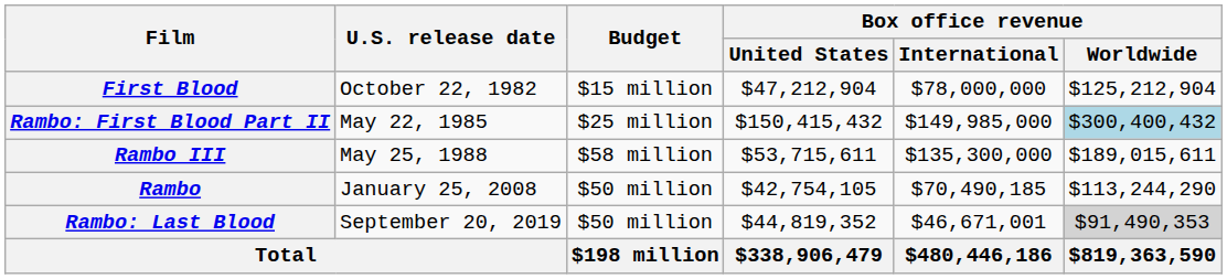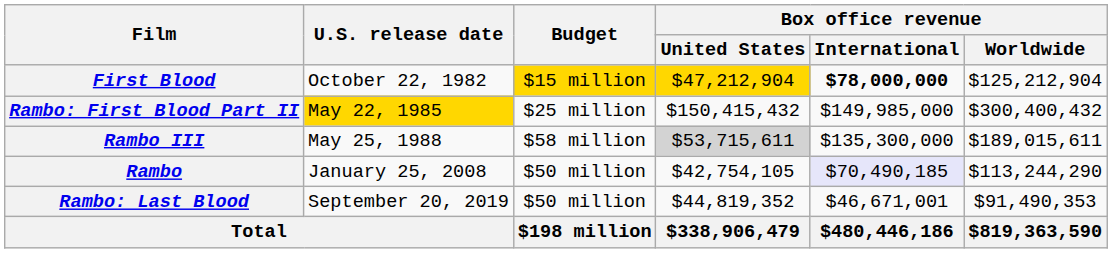 <table class="wikitable plainrowheaders" style="text-align:center;">
 <tr>
 <th rowspan="2">Film</th>
 <th rowspan="2">U.S. release date</th>
 <th rowspan="2">Budget</th>
 <th colspan="3">Box office revenue</th>
 </tr>
 <tr>
 <th style="text-align:center;">United States</th>
 <th style="text-align:center;">International</th>
 <th style="text-align:center;">Worldwide</th>
 </tr>
 <tr>
 <th scope="row"><em><a href='#'>First Blood</a></em></th>
 <td style="text-align:left">October 22, 1982</td>
-<td style="text-align:center;">$15 million</td>
-<td style="text-align:center;">$47,212,904</td>
-<td style="text-align:center;">$78,000,000</td>
+<td style="background: gold; text-align:center;">$15 million</td>
+<td style="background: gold; text-align:center;">$47,212,904</td>
+<td style="text-align:center;"><strong>$78,000,000</strong></td>
 <td style="text-align:center;">$125,212,904</td>
 </tr>
 <tr>
 <th scope="row"><em><a href='#'>Rambo: First Blood Part II</a></em></th>
-<td style="text-align:left">May 22, 1985</td>
+<td style="background: gold; text-align:left">May 22, 1985</td>
 <td style="text-align:center;">$25 million</td>
 <td style="text-align:center;">$150,415,432</td>
 <td style="text-align:center;">$149,985,000</td>
-<td style="background: lightblue; text-align:center;">$300,400,432</td>
+<td style="text-align:center;">$300,400,432</td>
 </tr>
 <tr>
 <th scope="row"><em><a href='#'>Rambo III</a></em></th>
 <td style="text-align:left">May 25, 1988</td>
 <td style="text-align:center;">$58 million</td>
-<td style="text-align:center;">$53,715,611</td>
+<td style="background: lightgrey; text-align:center;">$53,715,611</td>
 <td style="text-align:center;">$135,300,000</td>
 <td style="text-align:center;">$189,015,611</td>
 </tr>
 <tr>
 <th scope="row"><em><a href='#'>Rambo</a></em></th>
 <td style="text-align:left">January 25, 2008</td>
 <td style="text-align:center;">$50 million</td>
 <td style="text-align:center;">$42,754,105</td>
-<td style="text-align:center;">$70,490,185</td>
+<td style="background: lavender; text-align:center;">$70,490,185</td>
 <td style="text-align:center;">$113,244,290</td>
 </tr>
 <tr>
 <th scope="row"><em><a href='#'>Rambo: Last Blood</a></em></th>
 <td style="text-align:left">September 20, 2019</td>
 <td style="text-align:center;">$50 million</td>
 <td style="text-align:center;">$44,819,352</td>
 <td style="text-align:center;">$46,671,001</td>
-<td style="background: lightgrey; text-align:center;">$91,490,353</td>
+<td style="text-align:center;">$91,490,353</td>
 </tr>
 <tr>
 <th colspan="2">Total</th>
 <th style="text-align:center;">$198 million</th>
 <th style="text-align:center;">$338,906,479</th>
 <th style="text-align:center;">$480,446,186</th>
 <th style="text-align:center;">$819,363,590</th>
 </tr>
 </table>
